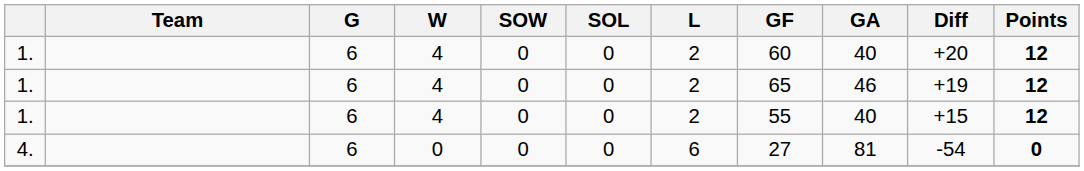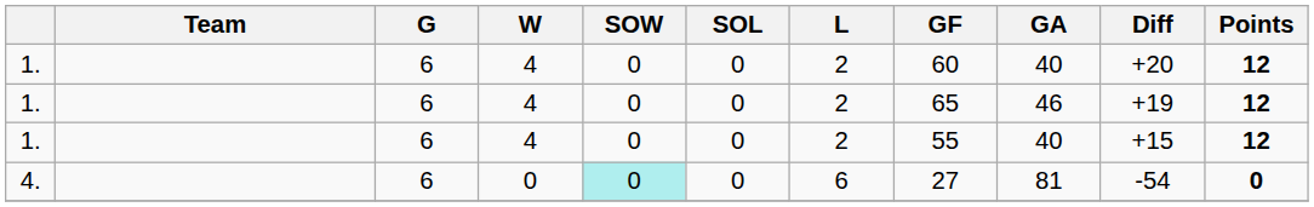 <table class=wikitable style="text-align:center">
 <tr bgcolor="#DCDCDC">
 <th width="25"></th>
 <th width="200">Team</th>
 <th width="60">G</th>
 <th width="60">W</th>
 <th width="60">SOW</th>
 <th width="60">SOL</th>
 <th width="60">L</th>
 <th width="60">GF</th>
 <th width="60">GA</th>
 <th width="60">Diff</th>
 <th width="60">Points</th>
 </tr>
 <tr>
 <td>1.</td>
 <td align=left></td>
 <td>6</td>
 <td>4</td>
 <td>0</td>
 <td>0</td>
 <td>2</td>
 <td>60</td>
 <td>40</td>
 <td>+20</td>
 <td><strong>12</strong></td>
 </tr>
 <tr>
 <td>1.</td>
 <td align=left></td>
 <td>6</td>
 <td>4</td>
 <td>0</td>
 <td>0</td>
 <td>2</td>
 <td>65</td>
 <td>46</td>
 <td>+19</td>
 <td><strong>12</strong></td>
 </tr>
 <tr>
 <td>1.</td>
 <td align=left></td>
 <td>6</td>
 <td>4</td>
 <td>0</td>
 <td>0</td>
 <td>2</td>
 <td>55</td>
 <td>40</td>
 <td>+15</td>
 <td><strong>12</strong></td>
 </tr>
 <tr>
 <td>4.</td>
 <td align=left></td>
 <td>6</td>
 <td>0</td>
-<td>0</td>
+<td style="background: paleturquoise;">0</td>
 <td>0</td>
 <td>6</td>
 <td>27</td>
 <td>81</td>
 <td>-54</td>
 <td><strong>0</strong></td>
 </tr>
 <tr>
 </tr>
 </table>
